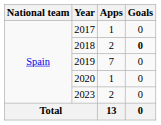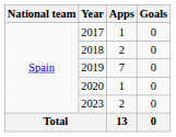 <table class="wikitable" style="text-align: center;">
 <tr>
 <th>National team</th>
 <th>Year</th>
 <th>Apps</th>
 <th>Goals</th>
 </tr>
 <tr>
 <td rowspan=5><a href='#'>Spain</a></td>
 <td>2017</td>
 <td>1</td>
 <td>0</td>
 </tr>
 <tr>
 <td>2018</td>
 <td>2</td>
-<td><strong>0</strong></td>
+<td>0</td>
 </tr>
 <tr>
 <td>2019</td>
 <td>7</td>
 <td>0</td>
 </tr>
 <tr>
 <td>2020</td>
 <td>1</td>
 <td>0</td>
 </tr>
 <tr>
 <td>2023</td>
 <td>2</td>
 <td>0</td>
 </tr>
 <tr>
 <th colspan=2>Total</th>
 <th>13</th>
 <th>0</th>
 </tr>
 </table>
